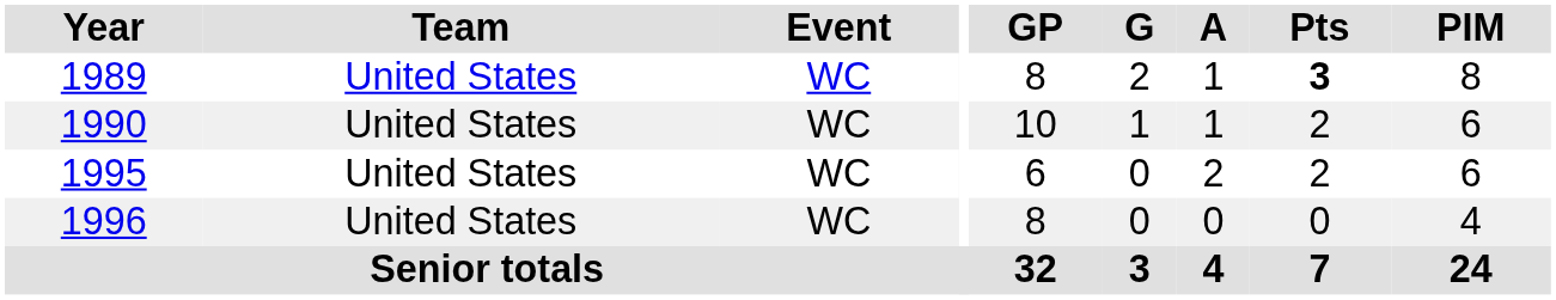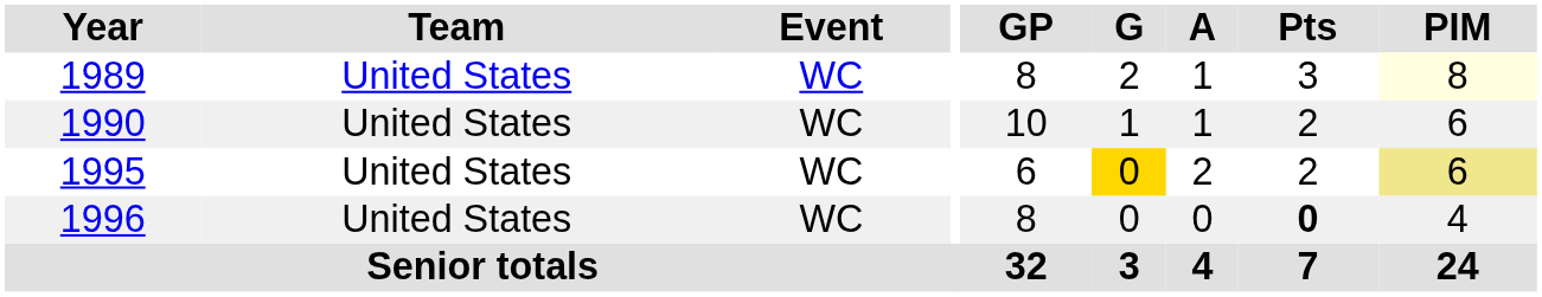 <table border="0" cellpadding="1" cellspacing="0" ID="Table3" style="text-align:center; width:40em">
 <tr bgcolor="#e0e0e0">
 <th>Year</th>
 <th>Team</th>
 <th>Event</th>
 <th rowspan="102" bgcolor="#ffffff"></th>
 <th>GP</th>
 <th>G</th>
 <th>A</th>
 <th>Pts</th>
 <th>PIM</th>
 </tr>
 <tr>
 <td><a href='#'>1989</a></td>
 <td><a href='#'>United States</a></td>
 <td><a href='#'>WC</a></td>
 <td>8</td>
 <td>2</td>
 <td>1</td>
-<td><strong>3</strong></td>
-<td>8</td>
+<td>3</td>
+<td style="background: lightyellow;">8</td>
 </tr>
 <tr bgcolor="#f0f0f0">
 <td><a href='#'>1990</a></td>
 <td>United States</td>
 <td>WC</td>
 <td>10</td>
 <td>1</td>
 <td>1</td>
 <td>2</td>
 <td>6</td>
 </tr>
 <tr>
 <td><a href='#'>1995</a></td>
 <td>United States</td>
 <td>WC</td>
 <td>6</td>
-<td>0</td>
+<td style="background: gold;">0</td>
 <td>2</td>
 <td>2</td>
-<td>6</td>
+<td style="background: khaki;">6</td>
 </tr>
 <tr bgcolor="#f0f0f0">
 <td><a href='#'>1996</a></td>
 <td>United States</td>
 <td>WC</td>
 <td>8</td>
 <td>0</td>
 <td>0</td>
-<td>0</td>
+<td><strong>0</strong></td>
 <td>4</td>
 </tr>
 <tr bgcolor="#e0e0e0">
 <th colspan="4">Senior totals</th>
 <th>32</th>
 <th>3</th>
 <th>4</th>
 <th>7</th>
 <th>24</th>
 </tr>
 </table>
